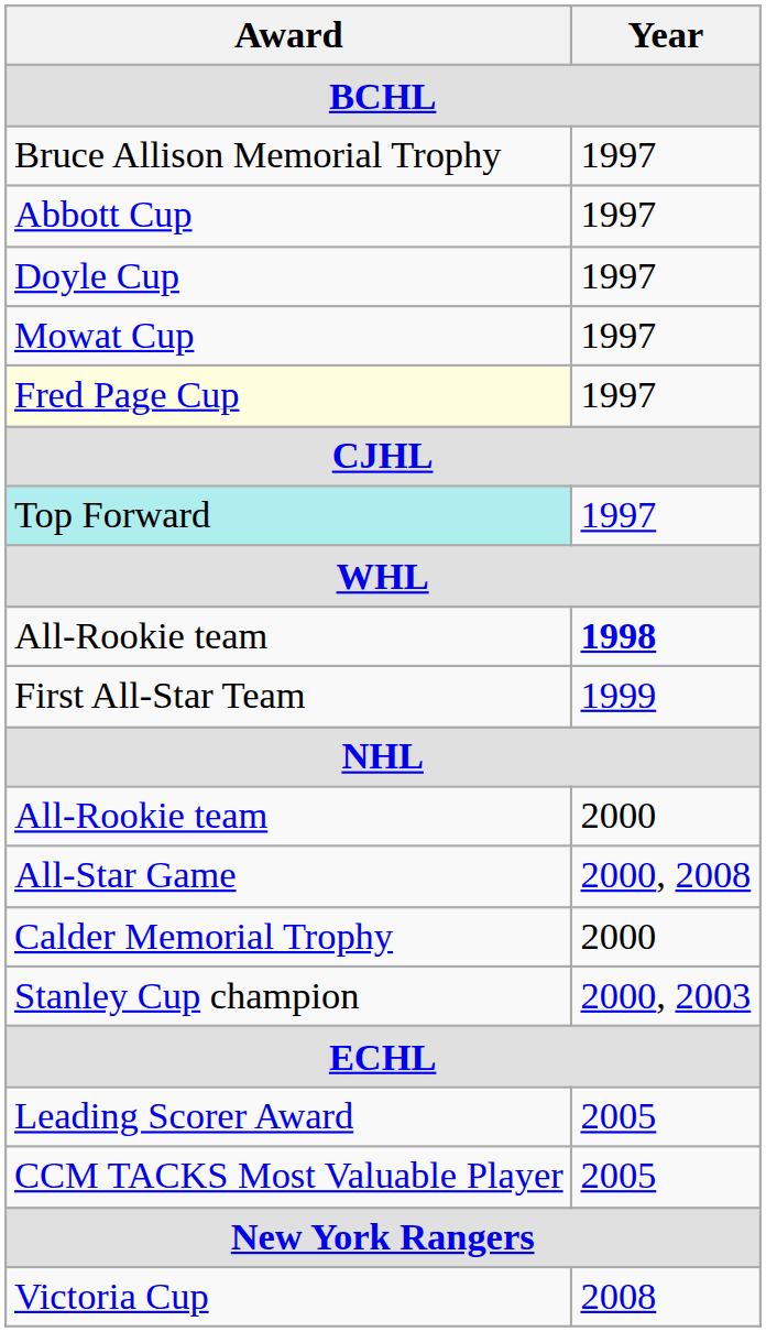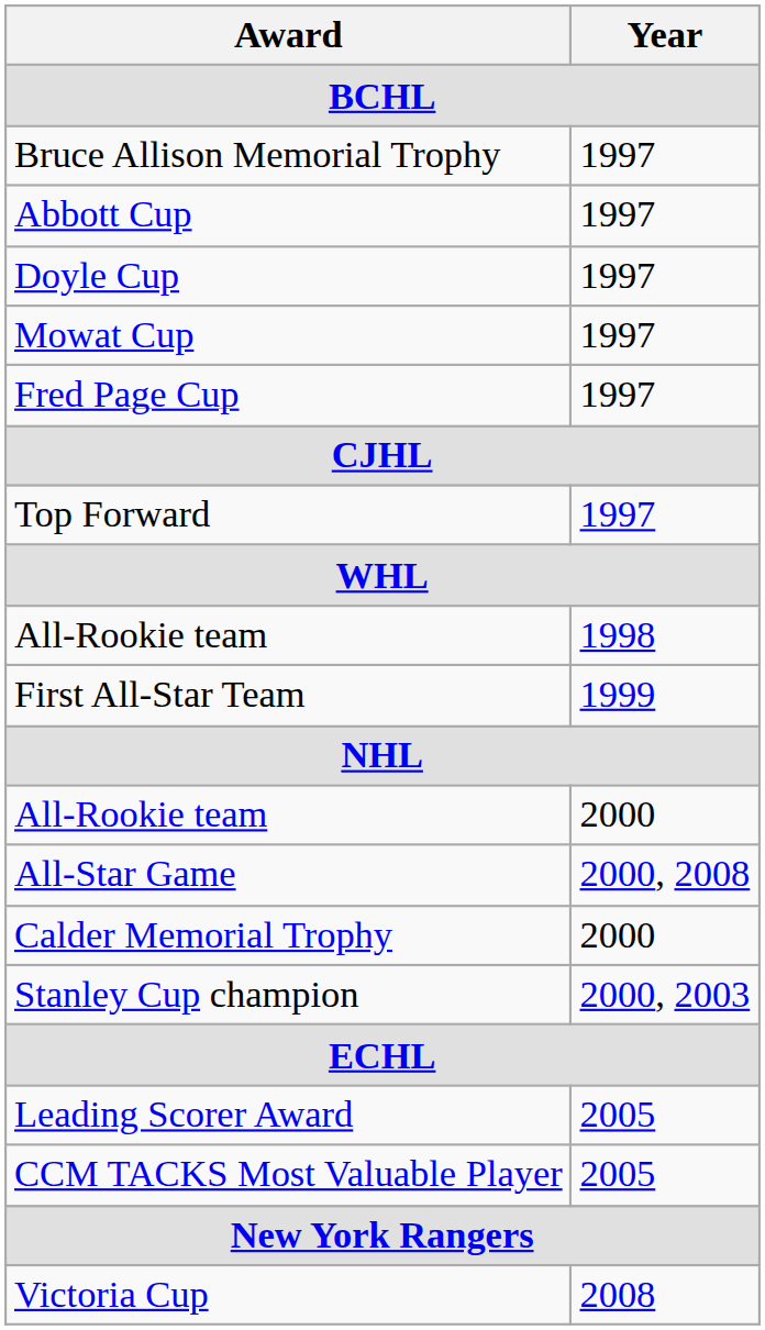 <table class="wikitable">
 <tr>
 <th>Award</th>
 <th>Year</th>
 </tr>
 <tr ALIGN="center" bgcolor="#e0e0e0">
 <td colspan="3"><strong><a href='#'>BCHL</a></strong></td>
 </tr>
 <tr>
 <td>Bruce Allison Memorial Trophy</td>
 <td>1997</td>
 </tr>
 <tr>
 <td><a href='#'>Abbott Cup</a></td>
 <td>1997</td>
 </tr>
 <tr>
 <td><a href='#'>Doyle Cup</a></td>
 <td>1997</td>
 </tr>
 <tr>
 <td><a href='#'>Mowat Cup</a></td>
 <td>1997</td>
 </tr>
 <tr>
-<td style="background: lightyellow;"><a href='#'>Fred Page Cup</a></td>
+<td><a href='#'>Fred Page Cup</a></td>
 <td>1997</td>
 </tr>
 <tr ALIGN="center" bgcolor="#e0e0e0">
 <td colspan="3"><strong><a href='#'>CJHL</a></strong></td>
 </tr>
 <tr>
-<td style="background: paleturquoise;">Top Forward</td>
+<td>Top Forward</td>
 <td><a href='#'>1997</a></td>
 </tr>
 <tr ALIGN="center" bgcolor="#e0e0e0">
 <td colspan="3"><strong><a href='#'>WHL</a></strong></td>
 </tr>
 <tr>
 <td>All-Rookie team</td>
-<td><strong><a href='#'>1998</a></strong></td>
+<td><a href='#'>1998</a></td>
 </tr>
 <tr>
 <td>First All-Star Team</td>
 <td><a href='#'>1999</a></td>
 </tr>
 <tr ALIGN="center" bgcolor="#e0e0e0">
 <td colspan="3"><strong><a href='#'>NHL</a></strong></td>
 </tr>
 <tr>
 <td><a href='#'>All-Rookie team</a></td>
 <td>2000</td>
 </tr>
 <tr>
 <td><a href='#'>All-Star Game</a></td>
 <td><a href='#'>2000</a>, <a href='#'>2008</a></td>
 </tr>
 <tr>
 <td><a href='#'>Calder Memorial Trophy</a></td>
 <td>2000</td>
 </tr>
 <tr>
 <td><a href='#'>Stanley Cup</a> champion</td>
 <td><a href='#'>2000</a>, <a href='#'>2003</a></td>
 </tr>
 <tr ALIGN="center" bgcolor="#e0e0e0">
 <td colspan="3"><strong><a href='#'>ECHL</a></strong></td>
 </tr>
 <tr>
 <td><a href='#'>Leading Scorer Award</a></td>
 <td><a href='#'>2005</a></td>
 </tr>
 <tr>
 <td><a href='#'>CCM TACKS Most Valuable Player</a></td>
 <td><a href='#'>2005</a></td>
 </tr>
 <tr ALIGN="center" bgcolor="#e0e0e0">
 <td colspan="3"><strong><a href='#'>New York Rangers</a></strong></td>
 </tr>
 <tr>
 <td><a href='#'>Victoria Cup</a></td>
 <td><a href='#'>2008</a></td>
 </tr>
 </table>
